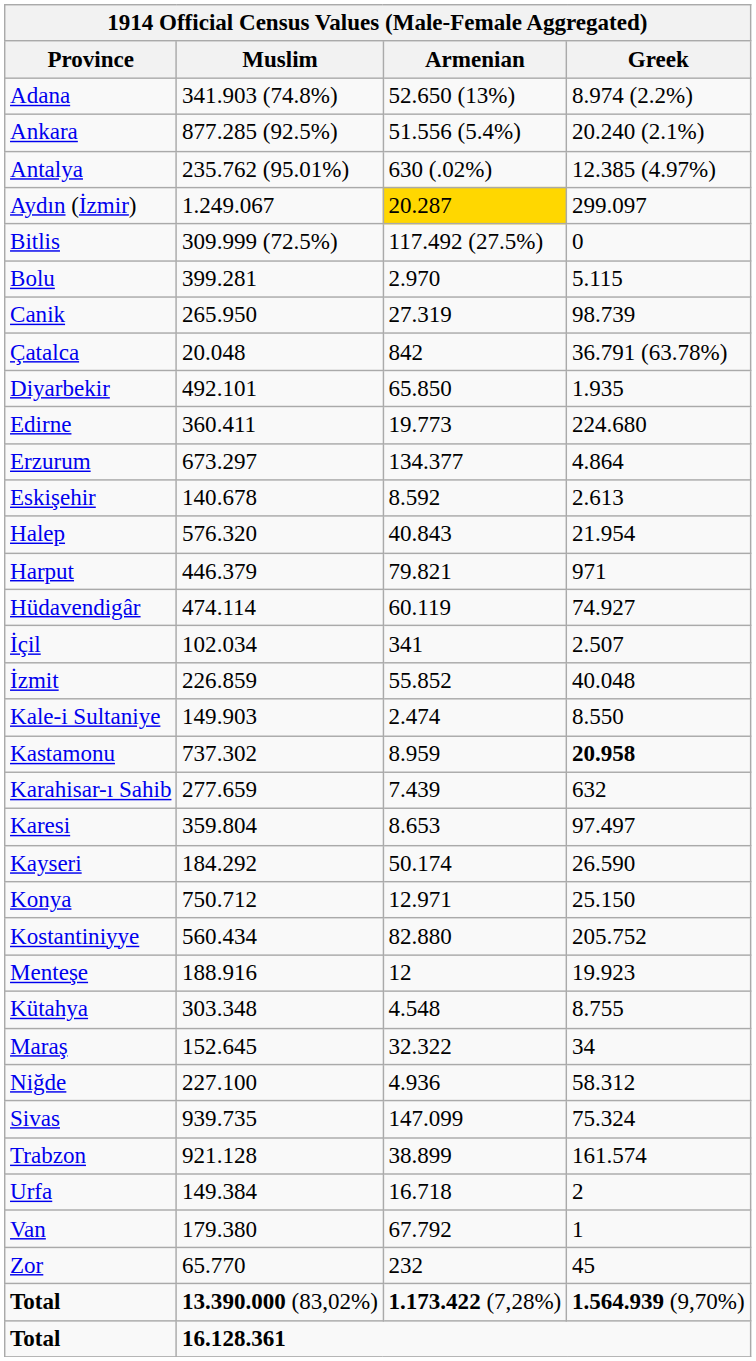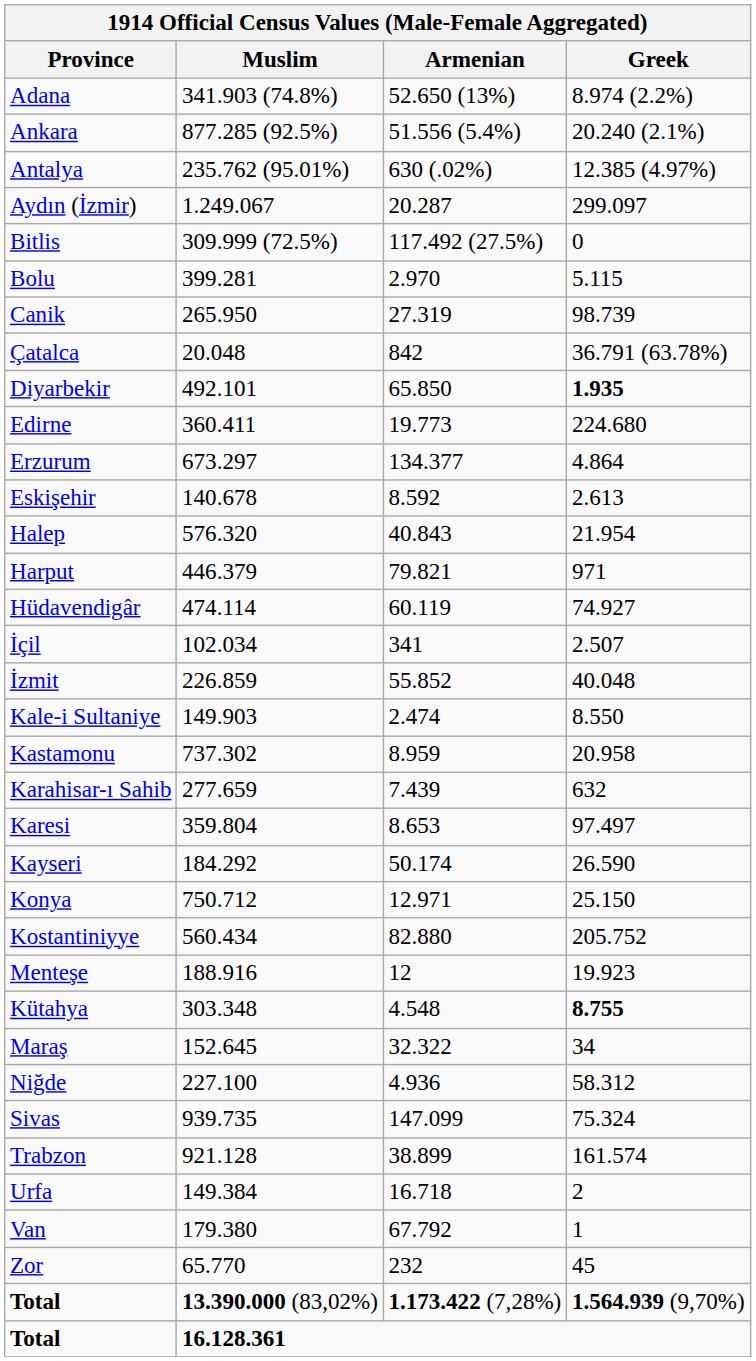 <table class="wikitable">
 <tr>
 <th colspan=4>1914 Official Census Values (Male-Female Aggregated)</th>
 </tr>
 <tr>
 <th>Province</th>
 <th>Muslim</th>
 <th>Armenian</th>
 <th>Greek</th>
 </tr>
 <tr>
 <td><a href='#'>Adana</a></td>
 <td>341.903 (74.8%)</td>
 <td>52.650 (13%)</td>
 <td>8.974 (2.2%)</td>
 </tr>
 <tr>
 <td><a href='#'>Ankara</a></td>
 <td>877.285 (92.5%)</td>
 <td>51.556 (5.4%)</td>
 <td>20.240 (2.1%)</td>
 </tr>
 <tr>
 <td><a href='#'>Antalya</a></td>
 <td>235.762 (95.01%)</td>
 <td>630 (.02%)</td>
 <td>12.385 (4.97%)</td>
 </tr>
 <tr>
 <td><a href='#'>Aydın</a> (<a href='#'>İzmir</a>)</td>
 <td>1.249.067</td>
-<td style="background: gold;">20.287</td>
+<td>20.287</td>
 <td>299.097</td>
 </tr>
 <tr>
 <td><a href='#'>Bitlis</a></td>
 <td>309.999 (72.5%)</td>
 <td>117.492 (27.5%)</td>
 <td>0</td>
 </tr>
 <tr>
 <td><a href='#'>Bolu</a></td>
 <td>399.281</td>
 <td>2.970</td>
 <td>5.115</td>
 </tr>
 <tr>
 <td><a href='#'>Canik</a></td>
 <td>265.950</td>
 <td>27.319</td>
 <td>98.739</td>
 </tr>
 <tr>
 <td><a href='#'>Çatalca</a></td>
 <td>20.048</td>
 <td>842</td>
 <td>36.791 (63.78%)</td>
 </tr>
 <tr>
 <td><a href='#'>Diyarbekir</a></td>
 <td>492.101</td>
 <td>65.850</td>
-<td>1.935</td>
+<td><strong>1.935</strong></td>
 </tr>
 <tr>
 <td><a href='#'>Edirne</a></td>
 <td>360.411</td>
 <td>19.773</td>
 <td>224.680</td>
 </tr>
 <tr>
 <td><a href='#'>Erzurum</a></td>
 <td>673.297</td>
 <td>134.377</td>
 <td>4.864</td>
 </tr>
 <tr>
 <td><a href='#'>Eskişehir</a></td>
 <td>140.678</td>
 <td>8.592</td>
 <td>2.613</td>
 </tr>
 <tr>
 <td><a href='#'>Halep</a></td>
 <td>576.320</td>
 <td>40.843</td>
 <td>21.954</td>
 </tr>
 <tr>
 <td><a href='#'>Harput</a></td>
 <td>446.379</td>
 <td>79.821</td>
 <td>971</td>
 </tr>
 <tr>
 <td><a href='#'>Hüdavendigâr</a></td>
 <td>474.114</td>
 <td>60.119</td>
 <td>74.927</td>
 </tr>
 <tr>
 <td><a href='#'>İçil</a></td>
 <td>102.034</td>
 <td>341</td>
 <td>2.507</td>
 </tr>
 <tr>
 <td><a href='#'>İzmit</a></td>
 <td>226.859</td>
 <td>55.852</td>
 <td>40.048</td>
 </tr>
 <tr>
 <td><a href='#'>Kale-i Sultaniye</a></td>
 <td>149.903</td>
 <td>2.474</td>
 <td>8.550</td>
 </tr>
 <tr>
 <td><a href='#'>Kastamonu</a></td>
 <td>737.302</td>
 <td>8.959</td>
-<td><strong>20.958</strong></td>
+<td>20.958</td>
 </tr>
 <tr>
 <td><a href='#'>Karahisar-ı Sahib</a></td>
 <td>277.659</td>
 <td>7.439</td>
 <td>632</td>
 </tr>
 <tr>
 <td><a href='#'>Karesi</a></td>
 <td>359.804</td>
 <td>8.653</td>
 <td>97.497</td>
 </tr>
 <tr>
 <td><a href='#'>Kayseri</a></td>
 <td>184.292</td>
 <td>50.174</td>
 <td>26.590</td>
 </tr>
 <tr>
 <td><a href='#'>Konya</a></td>
 <td>750.712</td>
 <td>12.971</td>
 <td>25.150</td>
 </tr>
 <tr>
 <td><a href='#'>Kostantiniyye</a></td>
 <td>560.434</td>
 <td>82.880</td>
 <td>205.752</td>
 </tr>
 <tr>
 <td><a href='#'>Menteşe</a></td>
 <td>188.916</td>
 <td>12</td>
 <td>19.923</td>
 </tr>
 <tr>
 <td><a href='#'>Kütahya</a></td>
 <td>303.348</td>
 <td>4.548</td>
-<td>8.755</td>
+<td><strong>8.755</strong></td>
 </tr>
 <tr>
 <td><a href='#'>Maraş</a></td>
 <td>152.645</td>
 <td>32.322</td>
 <td>34</td>
 </tr>
 <tr>
 <td><a href='#'>Niğde</a></td>
 <td>227.100</td>
 <td>4.936</td>
 <td>58.312</td>
 </tr>
 <tr>
 <td><a href='#'>Sivas</a></td>
 <td>939.735</td>
 <td>147.099</td>
 <td>75.324</td>
 </tr>
 <tr>
 <td><a href='#'>Trabzon</a></td>
 <td>921.128</td>
 <td>38.899</td>
 <td>161.574</td>
 </tr>
 <tr>
 <td><a href='#'>Urfa</a></td>
 <td>149.384</td>
 <td>16.718</td>
 <td>2</td>
 </tr>
 <tr>
 <td><a href='#'>Van</a></td>
 <td>179.380</td>
 <td>67.792</td>
 <td>1</td>
 </tr>
 <tr>
 <td><a href='#'>Zor</a></td>
 <td>65.770</td>
 <td>232</td>
 <td>45</td>
 </tr>
 <tr>
 <td><strong>Total</strong></td>
 <td><strong>13.390.000</strong> (83,02%)</td>
 <td><strong>1.173.422</strong> (7,28%)</td>
 <td><strong>1.564.939</strong> (9,70%)</td>
 </tr>
 <tr>
 <td><strong>Total</strong></td>
 <td colspan="3"><strong>16.128.361</strong></td>
 </tr>
 </table>
